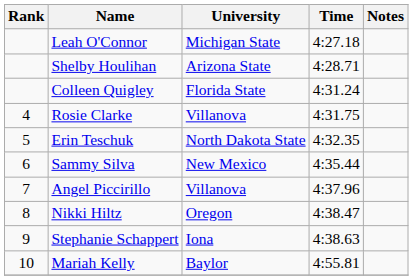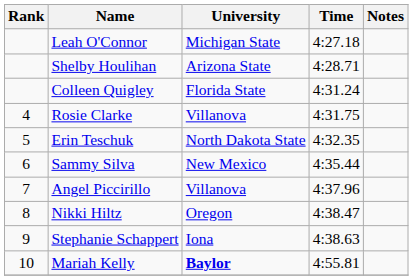 <table class="wikitable sortable" style="text-align:center">
 <tr>
 <th>Rank</th>
 <th>Name</th>
 <th>University</th>
 <th>Time</th>
 <th>Notes</th>
 </tr>
 <tr>
 <td></td>
 <td align=left><a href='#'>Leah O'Connor</a></td>
 <td align=left><a href='#'>Michigan State</a></td>
 <td>4:27.18</td>
 <td></td>
 </tr>
 <tr>
 <td></td>
 <td align=left><a href='#'>Shelby Houlihan</a></td>
 <td align=left><a href='#'>Arizona State</a></td>
 <td>4:28.71</td>
 <td></td>
 </tr>
 <tr>
 <td></td>
 <td align=left><a href='#'>Colleen Quigley</a></td>
 <td align=left><a href='#'>Florida State</a></td>
 <td>4:31.24</td>
 <td></td>
 </tr>
 <tr>
 <td>4</td>
 <td align=left><a href='#'>Rosie Clarke</a> </td>
 <td align=left><a href='#'>Villanova</a></td>
 <td>4:31.75</td>
 <td></td>
 </tr>
 <tr>
 <td>5</td>
 <td align=left><a href='#'>Erin Teschuk</a></td>
 <td align=left><a href='#'>North Dakota State</a></td>
 <td>4:32.35</td>
 <td></td>
 </tr>
 <tr>
 <td>6</td>
 <td align=left><a href='#'>Sammy Silva</a></td>
 <td align=left><a href='#'>New Mexico</a></td>
 <td>4:35.44</td>
 <td></td>
 </tr>
 <tr>
 <td>7</td>
 <td align=left><a href='#'>Angel Piccirillo</a></td>
 <td align=left><a href='#'>Villanova</a></td>
 <td>4:37.96</td>
 <td></td>
 </tr>
 <tr>
 <td>8</td>
 <td align=left><a href='#'>Nikki Hiltz</a></td>
 <td align=left><a href='#'>Oregon</a></td>
 <td>4:38.47</td>
 <td></td>
 </tr>
 <tr>
 <td>9</td>
 <td align=left><a href='#'>Stephanie Schappert</a></td>
 <td align=left><a href='#'>Iona</a></td>
 <td>4:38.63</td>
 <td></td>
 </tr>
 <tr>
 <td>10</td>
 <td align=left><a href='#'>Mariah Kelly</a></td>
-<td align=left><a href='#'>Baylor</a></td>
+<td align=left><strong><a href='#'>Baylor</a></strong></td>
 <td>4:55.81</td>
 <td></td>
 </tr>
 <tr>
 </tr>
 </table>
